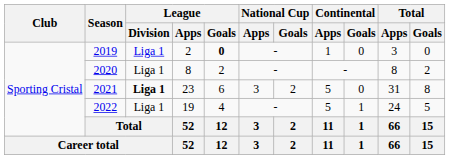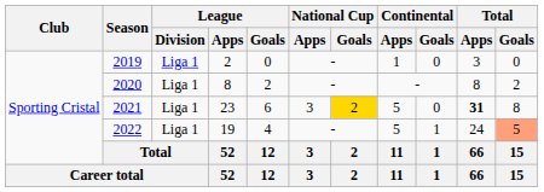 <table class="wikitable" style="text-align:center">
 <tr>
 <th rowspan="2">Club</th>
 <th rowspan="2">Season</th>
 <th colspan="3">League</th>
 <th colspan="2">National Cup</th>
 <th colspan="2">Continental</th>
 <th colspan="2">Total</th>
 </tr>
 <tr>
 <th>Division</th>
 <th>Apps</th>
 <th>Goals</th>
 <th>Apps</th>
 <th>Goals</th>
 <th>Apps</th>
 <th>Goals</th>
 <th>Apps</th>
 <th>Goals</th>
 </tr>
 <tr>
 <td rowspan="5"><a href='#'>Sporting Cristal</a></td>
 <td><a href='#'>2019</a></td>
 <td><a href='#'>Liga 1</a></td>
 <td>2</td>
-<td><strong>0</strong></td>
+<td>0</td>
 <td colspan="2">-</td>
 <td>1</td>
 <td>0</td>
 <td>3</td>
 <td>0</td>
 </tr>
 <tr>
 <td><a href='#'>2020</a></td>
 <td>Liga 1</td>
 <td>8</td>
 <td>2</td>
 <td colspan="2">-</td>
 <td colspan="2">-</td>
 <td>8</td>
 <td>2</td>
 </tr>
 <tr>
 <td><a href='#'>2021</a></td>
-<td><strong>Liga 1</strong></td>
+<td>Liga 1</td>
 <td>23</td>
 <td>6</td>
 <td>3</td>
-<td>2</td>
+<td style="background: gold;">2</td>
 <td>5</td>
 <td>0</td>
-<td>31</td>
+<td><strong>31</strong></td>
 <td>8</td>
 </tr>
 <tr>
 <td><a href='#'>2022</a></td>
 <td>Liga 1</td>
 <td>19</td>
 <td>4</td>
 <td colspan="2">-</td>
 <td>5</td>
 <td>1</td>
 <td>24</td>
-<td>5</td>
+<td style="background: lightsalmon;">5</td>
 </tr>
 <tr>
 <th colspan="2">Total</th>
 <th>52</th>
 <th>12</th>
 <th>3</th>
 <th>2</th>
 <th>11</th>
 <th>1</th>
 <th>66</th>
 <th>15</th>
 </tr>
 <tr>
 <th colspan="3">Career total</th>
 <th>52</th>
 <th>12</th>
 <th>3</th>
 <th>2</th>
 <th>11</th>
 <th>1</th>
 <th>66</th>
 <th>15</th>
 </tr>
 </table>
